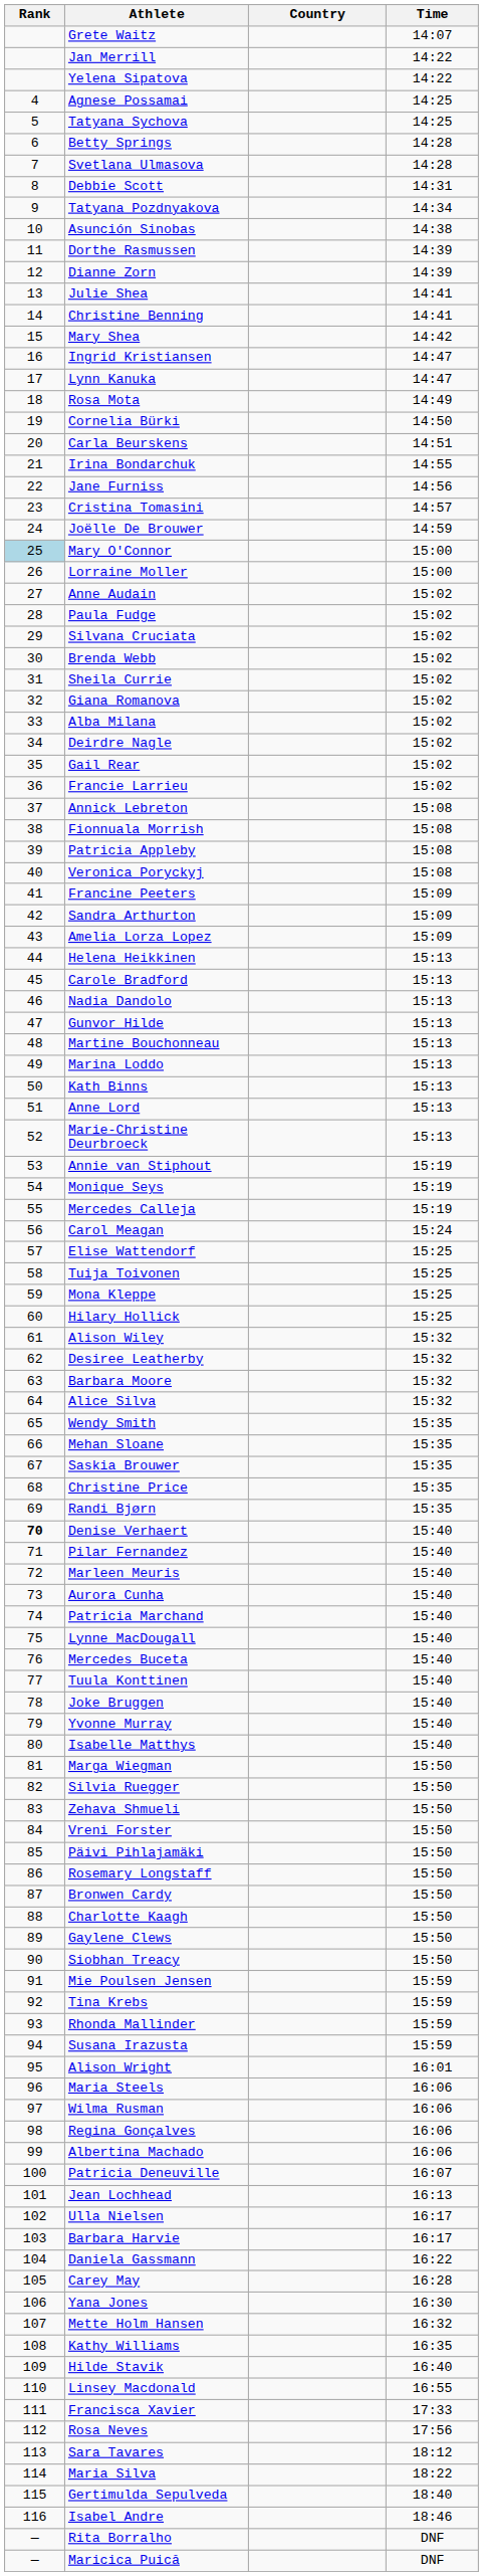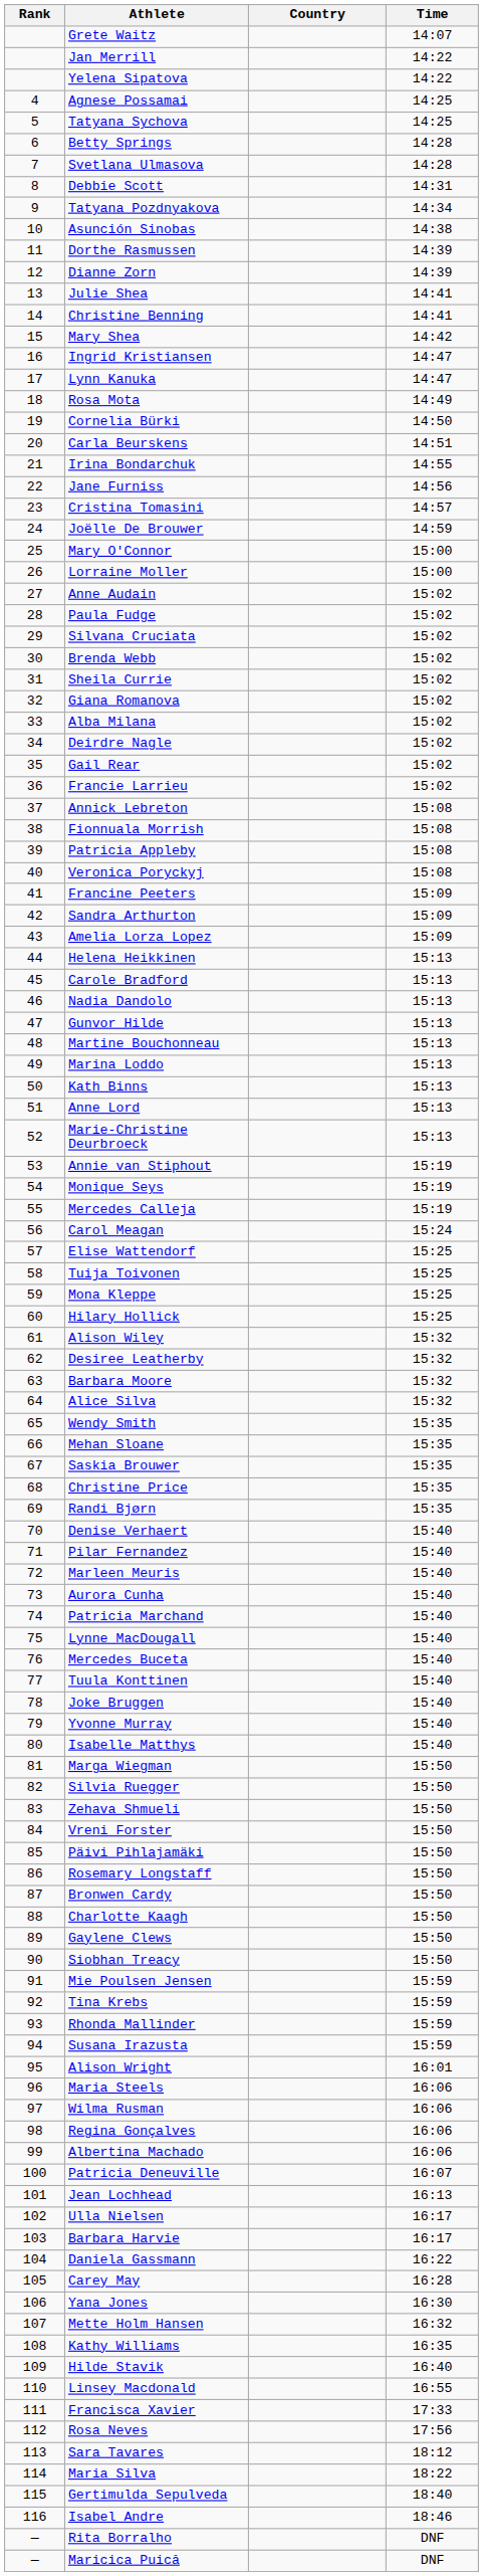 <table class="wikitable sortable" style=" text-align:center; font-size:95%;" width="50%">
 <tr>
 <th width=5%>Rank</th>
 <th width=20%>Athlete</th>
 <th width=15%>Country</th>
 <th width=10%>Time</th>
 </tr>
 <tr>
 <td align=center></td>
 <td align=left><a href='#'>Grete Waitz</a></td>
 <td align=left></td>
 <td>14:07</td>
 </tr>
 <tr>
 <td align=center></td>
 <td align=left><a href='#'>Jan Merrill</a></td>
 <td align=left></td>
 <td>14:22</td>
 </tr>
 <tr>
 <td align=center></td>
 <td align=left><a href='#'>Yelena Sipatova</a></td>
 <td align=left></td>
 <td>14:22</td>
 </tr>
 <tr>
 <td align=center>4</td>
 <td align=left><a href='#'>Agnese Possamai</a></td>
 <td align=left></td>
 <td>14:25</td>
 </tr>
 <tr>
 <td align=center>5</td>
 <td align=left><a href='#'>Tatyana Sychova</a></td>
 <td align=left></td>
 <td>14:25</td>
 </tr>
 <tr>
 <td align=center>6</td>
 <td align=left><a href='#'>Betty Springs</a></td>
 <td align=left></td>
 <td>14:28</td>
 </tr>
 <tr>
 <td align=center>7</td>
 <td align=left><a href='#'>Svetlana Ulmasova</a></td>
 <td align=left></td>
 <td>14:28</td>
 </tr>
 <tr>
 <td align=center>8</td>
 <td align=left><a href='#'>Debbie Scott</a></td>
 <td align=left></td>
 <td>14:31</td>
 </tr>
 <tr>
 <td align=center>9</td>
 <td align=left><a href='#'>Tatyana Pozdnyakova</a></td>
 <td align=left></td>
 <td>14:34</td>
 </tr>
 <tr>
 <td align=center>10</td>
 <td align=left><a href='#'>Asunción Sinobas</a></td>
 <td align=left></td>
 <td>14:38</td>
 </tr>
 <tr>
 <td align=center>11</td>
 <td align=left><a href='#'>Dorthe Rasmussen</a></td>
 <td align=left></td>
 <td>14:39</td>
 </tr>
 <tr>
 <td align=center>12</td>
 <td align=left><a href='#'>Dianne Zorn</a></td>
 <td align=left></td>
 <td>14:39</td>
 </tr>
 <tr>
 <td align=center>13</td>
 <td align=left><a href='#'>Julie Shea</a></td>
 <td align=left></td>
 <td>14:41</td>
 </tr>
 <tr>
 <td align=center>14</td>
 <td align=left><a href='#'>Christine Benning</a></td>
 <td align=left></td>
 <td>14:41</td>
 </tr>
 <tr>
 <td align=center>15</td>
 <td align=left><a href='#'>Mary Shea</a></td>
 <td align=left></td>
 <td>14:42</td>
 </tr>
 <tr>
 <td align=center>16</td>
 <td align=left><a href='#'>Ingrid Kristiansen</a></td>
 <td align=left></td>
 <td>14:47</td>
 </tr>
 <tr>
 <td align=center>17</td>
 <td align=left><a href='#'>Lynn Kanuka</a></td>
 <td align=left></td>
 <td>14:47</td>
 </tr>
 <tr>
 <td align=center>18</td>
 <td align=left><a href='#'>Rosa Mota</a></td>
 <td align=left></td>
 <td>14:49</td>
 </tr>
 <tr>
 <td align=center>19</td>
 <td align=left><a href='#'>Cornelia Bürki</a></td>
 <td align=left></td>
 <td>14:50</td>
 </tr>
 <tr>
 <td align=center>20</td>
 <td align=left><a href='#'>Carla Beurskens</a></td>
 <td align=left></td>
 <td>14:51</td>
 </tr>
 <tr>
 <td align=center>21</td>
 <td align=left><a href='#'>Irina Bondarchuk</a></td>
 <td align=left></td>
 <td>14:55</td>
 </tr>
 <tr>
 <td align=center>22</td>
 <td align=left><a href='#'>Jane Furniss</a></td>
 <td align=left></td>
 <td>14:56</td>
 </tr>
 <tr>
 <td align=center>23</td>
 <td align=left><a href='#'>Cristina Tomasini</a></td>
 <td align=left></td>
 <td>14:57</td>
 </tr>
 <tr>
 <td align=center>24</td>
 <td align=left><a href='#'>Joëlle De Brouwer</a></td>
 <td align=left></td>
 <td>14:59</td>
 </tr>
 <tr>
-<td align=center style="background: lightblue;">25</td>
+<td align=center>25</td>
 <td align=left><a href='#'>Mary O'Connor</a></td>
 <td align=left></td>
 <td>15:00</td>
 </tr>
 <tr>
 <td align=center>26</td>
 <td align=left><a href='#'>Lorraine Moller</a></td>
 <td align=left></td>
 <td>15:00</td>
 </tr>
 <tr>
 <td align=center>27</td>
 <td align=left><a href='#'>Anne Audain</a></td>
 <td align=left></td>
 <td>15:02</td>
 </tr>
 <tr>
 <td align=center>28</td>
 <td align=left><a href='#'>Paula Fudge</a></td>
 <td align=left></td>
 <td>15:02</td>
 </tr>
 <tr>
 <td align=center>29</td>
 <td align=left><a href='#'>Silvana Cruciata</a></td>
 <td align=left></td>
 <td>15:02</td>
 </tr>
 <tr>
 <td align=center>30</td>
 <td align=left><a href='#'>Brenda Webb</a></td>
 <td align=left></td>
 <td>15:02</td>
 </tr>
 <tr>
 <td align=center>31</td>
 <td align=left><a href='#'>Sheila Currie</a></td>
 <td align=left></td>
 <td>15:02</td>
 </tr>
 <tr>
 <td align=center>32</td>
 <td align=left><a href='#'>Giana Romanova</a></td>
 <td align=left></td>
 <td>15:02</td>
 </tr>
 <tr>
 <td align=center>33</td>
 <td align=left><a href='#'>Alba Milana</a></td>
 <td align=left></td>
 <td>15:02</td>
 </tr>
 <tr>
 <td align=center>34</td>
 <td align=left><a href='#'>Deirdre Nagle</a></td>
 <td align=left></td>
 <td>15:02</td>
 </tr>
 <tr>
 <td align=center>35</td>
 <td align=left><a href='#'>Gail Rear</a></td>
 <td align=left></td>
 <td>15:02</td>
 </tr>
 <tr>
 <td align=center>36</td>
 <td align=left><a href='#'>Francie Larrieu</a></td>
 <td align=left></td>
 <td>15:02</td>
 </tr>
 <tr>
 <td align=center>37</td>
 <td align=left><a href='#'>Annick Lebreton</a></td>
 <td align=left></td>
 <td>15:08</td>
 </tr>
 <tr>
 <td align=center>38</td>
 <td align=left><a href='#'>Fionnuala Morrish</a></td>
 <td align=left></td>
 <td>15:08</td>
 </tr>
 <tr>
 <td align=center>39</td>
 <td align=left><a href='#'>Patricia Appleby</a></td>
 <td align=left></td>
 <td>15:08</td>
 </tr>
 <tr>
 <td align=center>40</td>
 <td align=left><a href='#'>Veronica Poryckyj</a></td>
 <td align=left></td>
 <td>15:08</td>
 </tr>
 <tr>
 <td align=center>41</td>
 <td align=left><a href='#'>Francine Peeters</a></td>
 <td align=left></td>
 <td>15:09</td>
 </tr>
 <tr>
 <td align=center>42</td>
 <td align=left><a href='#'>Sandra Arthurton</a></td>
 <td align=left></td>
 <td>15:09</td>
 </tr>
 <tr>
 <td align=center>43</td>
 <td align=left><a href='#'>Amelia Lorza Lopez</a></td>
 <td align=left></td>
 <td>15:09</td>
 </tr>
 <tr>
 <td align=center>44</td>
 <td align=left><a href='#'>Helena Heikkinen</a></td>
 <td align=left></td>
 <td>15:13</td>
 </tr>
 <tr>
 <td align=center>45</td>
 <td align=left><a href='#'>Carole Bradford</a></td>
 <td align=left></td>
 <td>15:13</td>
 </tr>
 <tr>
 <td align=center>46</td>
 <td align=left><a href='#'>Nadia Dandolo</a></td>
 <td align=left></td>
 <td>15:13</td>
 </tr>
 <tr>
 <td align=center>47</td>
 <td align=left><a href='#'>Gunvor Hilde</a></td>
 <td align=left></td>
 <td>15:13</td>
 </tr>
 <tr>
 <td align=center>48</td>
 <td align=left><a href='#'>Martine Bouchonneau</a></td>
 <td align=left></td>
 <td>15:13</td>
 </tr>
 <tr>
 <td align=center>49</td>
 <td align=left><a href='#'>Marina Loddo</a></td>
 <td align=left></td>
 <td>15:13</td>
 </tr>
 <tr>
 <td align=center>50</td>
 <td align=left><a href='#'>Kath Binns</a></td>
 <td align=left></td>
 <td>15:13</td>
 </tr>
 <tr>
 <td align=center>51</td>
 <td align=left><a href='#'>Anne Lord</a></td>
 <td align=left></td>
 <td>15:13</td>
 </tr>
 <tr>
 <td align=center>52</td>
 <td align=left><a href='#'>Marie-Christine Deurbroeck</a></td>
 <td align=left></td>
 <td>15:13</td>
 </tr>
 <tr>
 <td align=center>53</td>
 <td align=left><a href='#'>Annie van Stiphout</a></td>
 <td align=left></td>
 <td>15:19</td>
 </tr>
 <tr>
 <td align=center>54</td>
 <td align=left><a href='#'>Monique Seys</a></td>
 <td align=left></td>
 <td>15:19</td>
 </tr>
 <tr>
 <td align=center>55</td>
 <td align=left><a href='#'>Mercedes Calleja</a></td>
 <td align=left></td>
 <td>15:19</td>
 </tr>
 <tr>
 <td align=center>56</td>
 <td align=left><a href='#'>Carol Meagan</a></td>
 <td align=left></td>
 <td>15:24</td>
 </tr>
 <tr>
 <td align=center>57</td>
 <td align=left><a href='#'>Elise Wattendorf</a></td>
 <td align=left></td>
 <td>15:25</td>
 </tr>
 <tr>
 <td align=center>58</td>
 <td align=left><a href='#'>Tuija Toivonen</a></td>
 <td align=left></td>
 <td>15:25</td>
 </tr>
 <tr>
 <td align=center>59</td>
 <td align=left><a href='#'>Mona Kleppe</a></td>
 <td align=left></td>
 <td>15:25</td>
 </tr>
 <tr>
 <td align=center>60</td>
 <td align=left><a href='#'>Hilary Hollick</a></td>
 <td align=left></td>
 <td>15:25</td>
 </tr>
 <tr>
 <td align=center>61</td>
 <td align=left><a href='#'>Alison Wiley</a></td>
 <td align=left></td>
 <td>15:32</td>
 </tr>
 <tr>
 <td align=center>62</td>
 <td align=left><a href='#'>Desiree Leatherby</a></td>
 <td align=left></td>
 <td>15:32</td>
 </tr>
 <tr>
 <td align=center>63</td>
 <td align=left><a href='#'>Barbara Moore</a></td>
 <td align=left></td>
 <td>15:32</td>
 </tr>
 <tr>
 <td align=center>64</td>
 <td align=left><a href='#'>Alice Silva</a></td>
 <td align=left></td>
 <td>15:32</td>
 </tr>
 <tr>
 <td align=center>65</td>
 <td align=left><a href='#'>Wendy Smith</a></td>
 <td align=left></td>
 <td>15:35</td>
 </tr>
 <tr>
 <td align=center>66</td>
 <td align=left><a href='#'>Mehan Sloane</a></td>
 <td align=left></td>
 <td>15:35</td>
 </tr>
 <tr>
 <td align=center>67</td>
 <td align=left><a href='#'>Saskia Brouwer</a></td>
 <td align=left></td>
 <td>15:35</td>
 </tr>
 <tr>
 <td align=center>68</td>
 <td align=left><a href='#'>Christine Price</a></td>
 <td align=left></td>
 <td>15:35</td>
 </tr>
 <tr>
 <td align=center>69</td>
 <td align=left><a href='#'>Randi Bjørn</a></td>
 <td align=left></td>
 <td>15:35</td>
 </tr>
 <tr>
-<td align=center><strong>70</strong></td>
+<td align=center>70</td>
 <td align=left><a href='#'>Denise Verhaert</a></td>
 <td align=left></td>
 <td>15:40</td>
 </tr>
 <tr>
 <td align=center>71</td>
 <td align=left><a href='#'>Pilar Fernandez</a></td>
 <td align=left></td>
 <td>15:40</td>
 </tr>
 <tr>
 <td align=center>72</td>
 <td align=left><a href='#'>Marleen Meuris</a></td>
 <td align=left></td>
 <td>15:40</td>
 </tr>
 <tr>
 <td align=center>73</td>
 <td align=left><a href='#'>Aurora Cunha</a></td>
 <td align=left></td>
 <td>15:40</td>
 </tr>
 <tr>
 <td align=center>74</td>
 <td align=left><a href='#'>Patricia Marchand</a></td>
 <td align=left></td>
 <td>15:40</td>
 </tr>
 <tr>
 <td align=center>75</td>
 <td align=left><a href='#'>Lynne MacDougall</a></td>
 <td align=left></td>
 <td>15:40</td>
 </tr>
 <tr>
 <td align=center>76</td>
 <td align=left><a href='#'>Mercedes Buceta</a></td>
 <td align=left></td>
 <td>15:40</td>
 </tr>
 <tr>
 <td align=center>77</td>
 <td align=left><a href='#'>Tuula Konttinen</a></td>
 <td align=left></td>
 <td>15:40</td>
 </tr>
 <tr>
 <td align=center>78</td>
 <td align=left><a href='#'>Joke Bruggen</a></td>
 <td align=left></td>
 <td>15:40</td>
 </tr>
 <tr>
 <td align=center>79</td>
 <td align=left><a href='#'>Yvonne Murray</a></td>
 <td align=left></td>
 <td>15:40</td>
 </tr>
 <tr>
 <td align=center>80</td>
 <td align=left><a href='#'>Isabelle Matthys</a></td>
 <td align=left></td>
 <td>15:40</td>
 </tr>
 <tr>
 <td align=center>81</td>
 <td align=left><a href='#'>Marga Wiegman</a></td>
 <td align=left></td>
 <td>15:50</td>
 </tr>
 <tr>
 <td align=center>82</td>
 <td align=left><a href='#'>Silvia Ruegger</a></td>
 <td align=left></td>
 <td>15:50</td>
 </tr>
 <tr>
 <td align=center>83</td>
 <td align=left><a href='#'>Zehava Shmueli</a></td>
 <td align=left></td>
 <td>15:50</td>
 </tr>
 <tr>
 <td align=center>84</td>
 <td align=left><a href='#'>Vreni Forster</a></td>
 <td align=left></td>
 <td>15:50</td>
 </tr>
 <tr>
 <td align=center>85</td>
 <td align=left><a href='#'>Päivi Pihlajamäki</a></td>
 <td align=left></td>
 <td>15:50</td>
 </tr>
 <tr>
 <td align=center>86</td>
 <td align=left><a href='#'>Rosemary Longstaff</a></td>
 <td align=left></td>
 <td>15:50</td>
 </tr>
 <tr>
 <td align=center>87</td>
 <td align=left><a href='#'>Bronwen Cardy</a></td>
 <td align=left></td>
 <td>15:50</td>
 </tr>
 <tr>
 <td align=center>88</td>
 <td align=left><a href='#'>Charlotte Kaagh</a></td>
 <td align=left></td>
 <td>15:50</td>
 </tr>
 <tr>
 <td align=center>89</td>
 <td align=left><a href='#'>Gaylene Clews</a></td>
 <td align=left></td>
 <td>15:50</td>
 </tr>
 <tr>
 <td align=center>90</td>
 <td align=left><a href='#'>Siobhan Treacy</a></td>
 <td align=left></td>
 <td>15:50</td>
 </tr>
 <tr>
 <td align=center>91</td>
 <td align=left><a href='#'>Mie Poulsen Jensen</a></td>
 <td align=left></td>
 <td>15:59</td>
 </tr>
 <tr>
 <td align=center>92</td>
 <td align=left><a href='#'>Tina Krebs</a></td>
 <td align=left></td>
 <td>15:59</td>
 </tr>
 <tr>
 <td align=center>93</td>
 <td align=left><a href='#'>Rhonda Mallinder</a></td>
 <td align=left></td>
 <td>15:59</td>
 </tr>
 <tr>
 <td align=center>94</td>
 <td align=left><a href='#'>Susana Irazusta</a></td>
 <td align=left></td>
 <td>15:59</td>
 </tr>
 <tr>
 <td align=center>95</td>
 <td align=left><a href='#'>Alison Wright</a></td>
 <td align=left></td>
 <td>16:01</td>
 </tr>
 <tr>
 <td align=center>96</td>
 <td align=left><a href='#'>Maria Steels</a></td>
 <td align=left></td>
 <td>16:06</td>
 </tr>
 <tr>
 <td align=center>97</td>
 <td align=left><a href='#'>Wilma Rusman</a></td>
 <td align=left></td>
 <td>16:06</td>
 </tr>
 <tr>
 <td align=center>98</td>
 <td align=left><a href='#'>Regina Gonçalves</a></td>
 <td align=left></td>
 <td>16:06</td>
 </tr>
 <tr>
 <td align=center>99</td>
 <td align=left><a href='#'>Albertina Machado</a></td>
 <td align=left></td>
 <td>16:06</td>
 </tr>
 <tr>
 <td align=center>100</td>
 <td align=left><a href='#'>Patricia Deneuville</a></td>
 <td align=left></td>
 <td>16:07</td>
 </tr>
 <tr>
 <td align=center>101</td>
 <td align=left><a href='#'>Jean Lochhead</a></td>
 <td align=left></td>
 <td>16:13</td>
 </tr>
 <tr>
 <td align=center>102</td>
 <td align=left><a href='#'>Ulla Nielsen</a></td>
 <td align=left></td>
 <td>16:17</td>
 </tr>
 <tr>
 <td align=center>103</td>
 <td align=left><a href='#'>Barbara Harvie</a></td>
 <td align=left></td>
 <td>16:17</td>
 </tr>
 <tr>
 <td align=center>104</td>
 <td align=left><a href='#'>Daniela Gassmann</a></td>
 <td align=left></td>
 <td>16:22</td>
 </tr>
 <tr>
 <td align=center>105</td>
 <td align=left><a href='#'>Carey May</a></td>
 <td align=left></td>
 <td>16:28</td>
 </tr>
 <tr>
 <td align=center>106</td>
 <td align=left><a href='#'>Yana Jones</a></td>
 <td align=left></td>
 <td>16:30</td>
 </tr>
 <tr>
 <td align=center>107</td>
 <td align=left><a href='#'>Mette Holm Hansen</a></td>
 <td align=left></td>
 <td>16:32</td>
 </tr>
 <tr>
 <td align=center>108</td>
 <td align=left><a href='#'>Kathy Williams</a></td>
 <td align=left></td>
 <td>16:35</td>
 </tr>
 <tr>
 <td align=center>109</td>
 <td align=left><a href='#'>Hilde Stavik</a></td>
 <td align=left></td>
 <td>16:40</td>
 </tr>
 <tr>
 <td align=center>110</td>
 <td align=left><a href='#'>Linsey Macdonald</a></td>
 <td align=left></td>
 <td>16:55</td>
 </tr>
 <tr>
 <td align=center>111</td>
 <td align=left><a href='#'>Francisca Xavier</a></td>
 <td align=left></td>
 <td>17:33</td>
 </tr>
 <tr>
 <td align=center>112</td>
 <td align=left><a href='#'>Rosa Neves</a></td>
 <td align=left></td>
 <td>17:56</td>
 </tr>
 <tr>
 <td align=center>113</td>
 <td align=left><a href='#'>Sara Tavares</a></td>
 <td align=left></td>
 <td>18:12</td>
 </tr>
 <tr>
 <td align=center>114</td>
 <td align=left><a href='#'>Maria Silva</a></td>
 <td align=left></td>
 <td>18:22</td>
 </tr>
 <tr>
 <td align=center>115</td>
 <td align=left><a href='#'>Gertimulda Sepulveda</a></td>
 <td align=left></td>
 <td>18:40</td>
 </tr>
 <tr>
 <td align=center>116</td>
 <td align=left><a href='#'>Isabel Andre</a></td>
 <td align=left></td>
 <td>18:46</td>
 </tr>
 <tr>
 <td align=center>—</td>
 <td align=left><a href='#'>Rita Borralho</a></td>
 <td align=left></td>
 <td>DNF</td>
 </tr>
 <tr>
 <td align=center>—</td>
 <td align=left><a href='#'>Maricica Puică</a></td>
 <td align=left></td>
 <td>DNF</td>
 </tr>
 </table>
